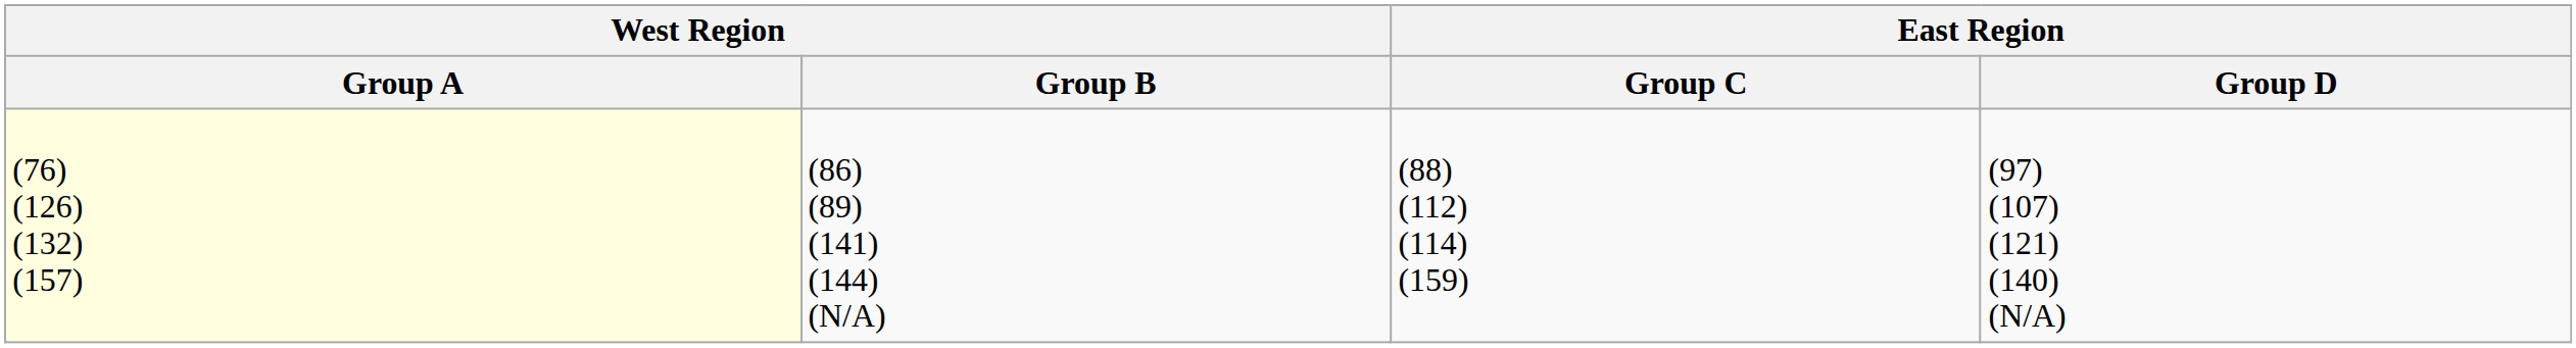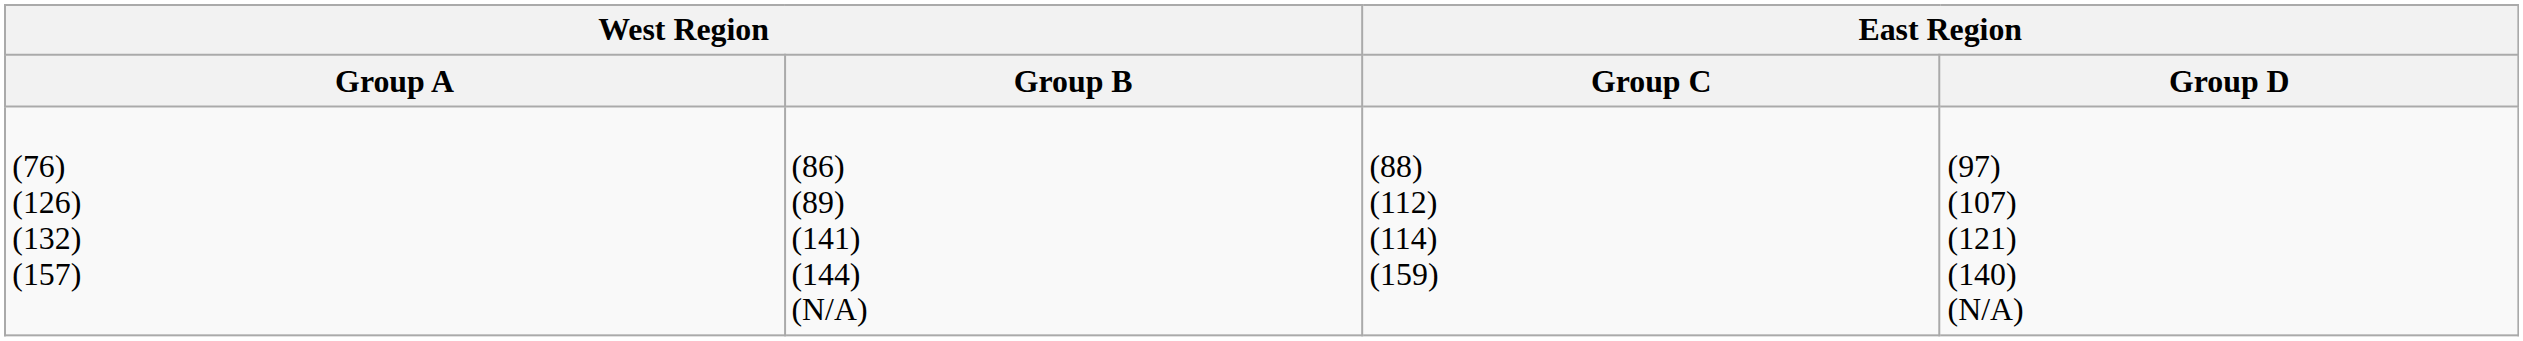 <table class="wikitable" style="width:100%;">
 <tr>
 <th width=50% colspan=2>West Region</th>
 <th width=50% colspan=2>East Region</th>
 </tr>
 <tr>
 <th width=31%>Group A</th>
 <th width=23%>Group B</th>
 <th width=23%>Group C</th>
 <th width=23%>Group D</th>
 </tr>
 <tr>
-<td valign=top style="background: lightyellow;"><br> (76)<br>  (126)<br>  (132)<br>  (157)</td>
+<td valign=top><br> (76)<br>  (126)<br>  (132)<br>  (157)</td>
 <td valign=top><br> (86)<br>  (89)<br>  (141)<br>  (144)<br>  (N/A)</td>
 <td valign=top><br> (88)<br>  (112)<br>  (114)<br>  (159)</td>
 <td valign=top><br> (97)<br>  (107)<br>  (121)<br>  (140)<br>  (N/A)</td>
 </tr>
 </table>
